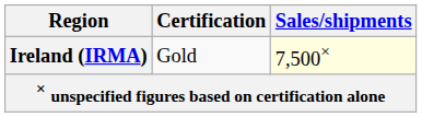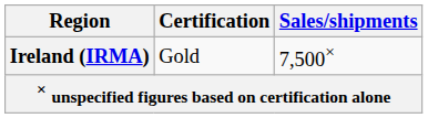 <table class="wikitable sortable plainrowheaders" style="text-align:left">
 <tr>
 <th scope="col">Region</th>
 <th scope="col">Certification</th>
 <th scope="col"><a href='#'>Sales/shipments</a></th>
 </tr>
 <tr>
 <th scope="row">Ireland (<a href='#'>IRMA</a>)</th>
 <td>Gold</td>
-<td style="background: lightyellow;">7,500<sup>×</sup></td>
+<td>7,500<sup>×</sup></td>
 </tr>
 <tr>
 <th scope="row" colspan="3" style="text-align:center"><sup>×</sup> <small>unspecified figures based on certification alone</small></th>
 </tr>
 </table>
